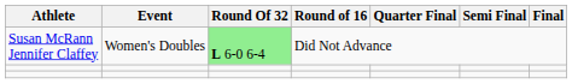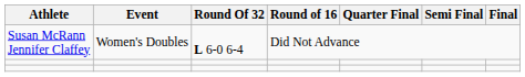 <table class="wikitable">
 <tr>
 <th>Athlete</th>
 <th>Event</th>
 <th>Round Of 32</th>
 <th>Round of 16</th>
 <th>Quarter Final</th>
 <th>Semi Final</th>
 <th>Final</th>
 </tr>
 <tr>
 <td><a href='#'>Susan McRann</a><br><a href='#'>Jennifer Claffey</a></td>
 <td>Women's Doubles</td>
-<td style="background: lightgreen;"><br><strong>L</strong>  6-0 6-4</td>
+<td><br><strong>L</strong>  6-0 6-4</td>
 <td colspan="4">Did Not Advance</td>
 </tr>
 <tr>
 <td></td>
 <td></td>
 <td></td>
 <td></td>
 <td></td>
 <td></td>
 <td></td>
 </tr>
 <tr>
 <td></td>
 <td></td>
 <td></td>
 <td></td>
 <td></td>
 <td></td>
 <td></td>
 </tr>
 </table>
